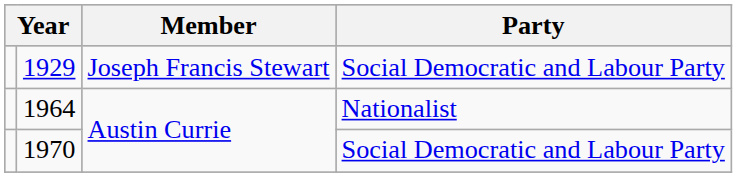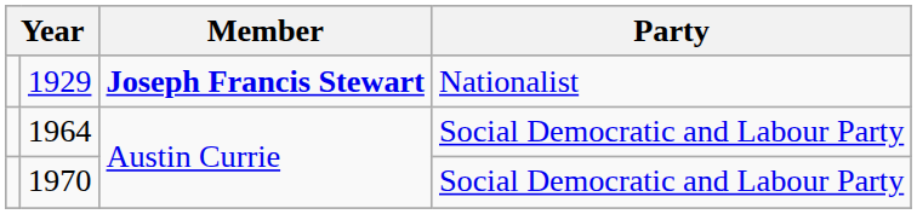 <table class="wikitable">
 <tr>
 <th colspan=2>Year</th>
 <th>Member</th>
 <th>Party</th>
 </tr>
 <tr>
 <td style="background-color: "></td>
 <td><a href='#'>1929</a></td>
-<td><a href='#'>Joseph Francis Stewart</a></td>
-<td><a href='#'>Social Democratic and Labour Party</a></td>
+<td><strong><a href='#'>Joseph Francis Stewart</a></strong></td>
+<td><a href='#'>Nationalist</a></td>
 </tr>
 <tr>
 <td style="background-color: "></td>
 <td>1964</td>
 <td rowspan="2"><a href='#'>Austin Currie</a></td>
-<td><a href='#'>Nationalist</a></td>
+<td><a href='#'>Social Democratic and Labour Party</a></td>
 </tr>
 <tr>
 <td style="background-color: "></td>
 <td>1970</td>
 <td><a href='#'>Social Democratic and Labour Party</a></td>
 </tr>
 </table>
